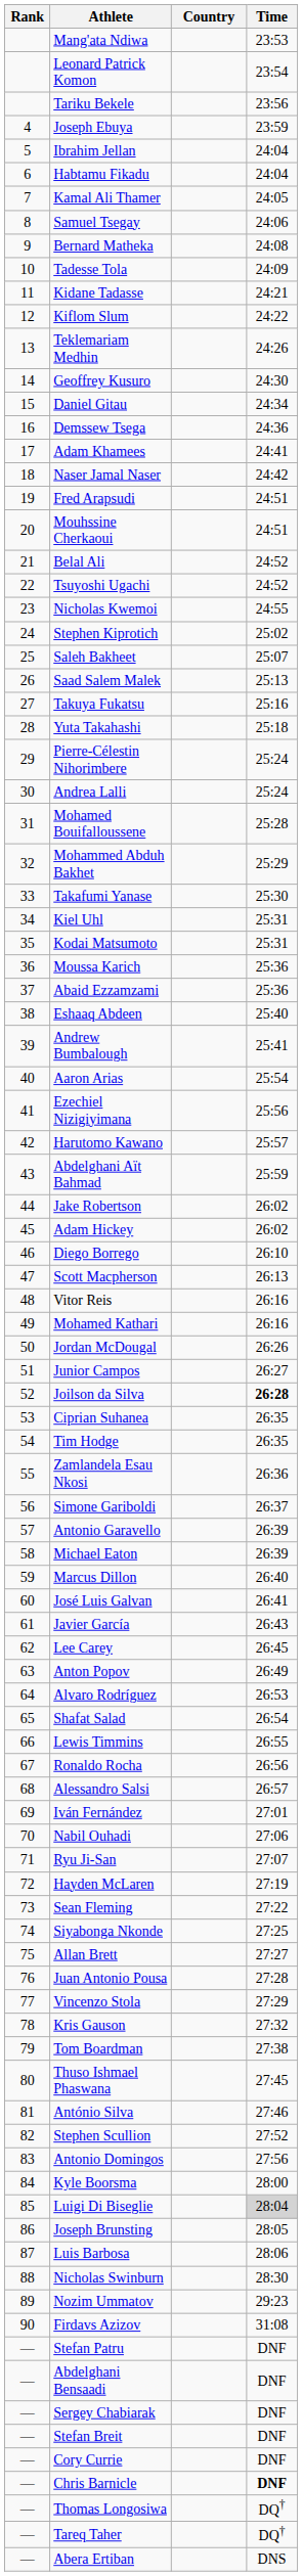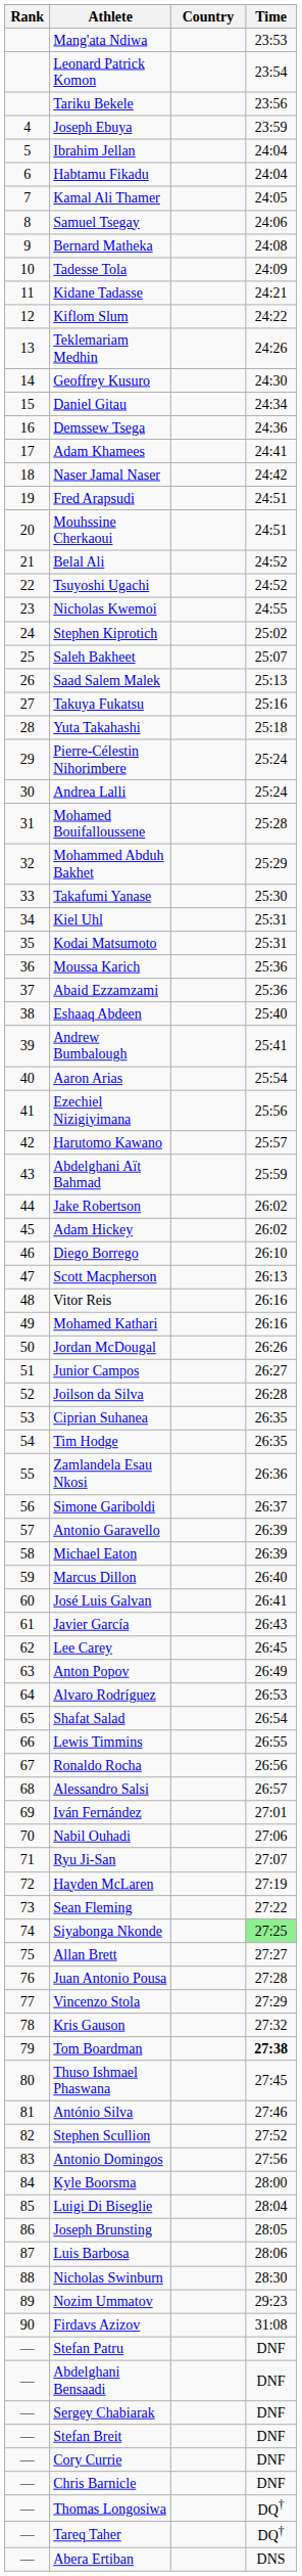 <table class="wikitable sortable" style=" text-align:center; font-size:95%;" width="50%">
 <tr>
 <th width=5%>Rank</th>
 <th width=20%>Athlete</th>
 <th width=15%>Country</th>
 <th width=10%>Time</th>
 </tr>
 <tr>
 <td align=center></td>
 <td align=left><a href='#'>Mang'ata Ndiwa</a></td>
 <td align=left></td>
 <td>23:53</td>
 </tr>
 <tr>
 <td align=center></td>
 <td align=left><a href='#'>Leonard Patrick Komon</a></td>
 <td align=left></td>
 <td>23:54</td>
 </tr>
 <tr>
 <td align=center></td>
 <td align=left><a href='#'>Tariku Bekele</a></td>
 <td align=left></td>
 <td>23:56</td>
 </tr>
 <tr>
 <td align=center>4</td>
 <td align=left><a href='#'>Joseph Ebuya</a></td>
 <td align=left></td>
 <td>23:59</td>
 </tr>
 <tr>
 <td align=center>5</td>
 <td align=left><a href='#'>Ibrahim Jellan</a></td>
 <td align=left></td>
 <td>24:04</td>
 </tr>
 <tr>
 <td align=center>6</td>
 <td align=left><a href='#'>Habtamu Fikadu</a></td>
 <td align=left></td>
 <td>24:04</td>
 </tr>
 <tr>
 <td align=center>7</td>
 <td align=left><a href='#'>Kamal Ali Thamer</a></td>
 <td align=left></td>
 <td>24:05</td>
 </tr>
 <tr>
 <td align=center>8</td>
 <td align=left><a href='#'>Samuel Tsegay</a></td>
 <td align=left></td>
 <td>24:06</td>
 </tr>
 <tr>
 <td align=center>9</td>
 <td align=left><a href='#'>Bernard Matheka</a></td>
 <td align=left></td>
 <td>24:08</td>
 </tr>
 <tr>
 <td align=center>10</td>
 <td align=left><a href='#'>Tadesse Tola</a></td>
 <td align=left></td>
 <td>24:09</td>
 </tr>
 <tr>
 <td align=center>11</td>
 <td align=left><a href='#'>Kidane Tadasse</a></td>
 <td align=left></td>
 <td>24:21</td>
 </tr>
 <tr>
 <td align=center>12</td>
 <td align=left><a href='#'>Kiflom Slum</a></td>
 <td align=left></td>
 <td>24:22</td>
 </tr>
 <tr>
 <td align=center>13</td>
 <td align=left><a href='#'>Teklemariam Medhin</a></td>
 <td align=left></td>
 <td>24:26</td>
 </tr>
 <tr>
 <td align=center>14</td>
 <td align=left><a href='#'>Geoffrey Kusuro</a></td>
 <td align=left></td>
 <td>24:30</td>
 </tr>
 <tr>
 <td align=center>15</td>
 <td align=left><a href='#'>Daniel Gitau</a></td>
 <td align=left></td>
 <td>24:34</td>
 </tr>
 <tr>
 <td align=center>16</td>
 <td align=left><a href='#'>Demssew Tsega</a></td>
 <td align=left></td>
 <td>24:36</td>
 </tr>
 <tr>
 <td align=center>17</td>
 <td align=left><a href='#'>Adam Khamees</a></td>
 <td align=left></td>
 <td>24:41</td>
 </tr>
 <tr>
 <td align=center>18</td>
 <td align=left><a href='#'>Naser Jamal Naser</a></td>
 <td align=left></td>
 <td>24:42</td>
 </tr>
 <tr>
 <td align=center>19</td>
 <td align=left><a href='#'>Fred Arapsudi</a></td>
 <td align=left></td>
 <td>24:51</td>
 </tr>
 <tr>
 <td align=center>20</td>
 <td align=left><a href='#'>Mouhssine Cherkaoui</a></td>
 <td align=left></td>
 <td>24:51</td>
 </tr>
 <tr>
 <td align=center>21</td>
 <td align=left><a href='#'>Belal Ali</a></td>
 <td align=left></td>
 <td>24:52</td>
 </tr>
 <tr>
 <td align=center>22</td>
 <td align=left><a href='#'>Tsuyoshi Ugachi</a></td>
 <td align=left></td>
 <td>24:52</td>
 </tr>
 <tr>
 <td align=center>23</td>
 <td align=left><a href='#'>Nicholas Kwemoi</a></td>
 <td align=left></td>
 <td>24:55</td>
 </tr>
 <tr>
 <td align=center>24</td>
 <td align=left><a href='#'>Stephen Kiprotich</a></td>
 <td align=left></td>
 <td>25:02</td>
 </tr>
 <tr>
 <td align=center>25</td>
 <td align=left><a href='#'>Saleh Bakheet</a></td>
 <td align=left></td>
 <td>25:07</td>
 </tr>
 <tr>
 <td align=center>26</td>
 <td align=left><a href='#'>Saad Salem Malek</a></td>
 <td align=left></td>
 <td>25:13</td>
 </tr>
 <tr>
 <td align=center>27</td>
 <td align=left><a href='#'>Takuya Fukatsu</a></td>
 <td align=left></td>
 <td>25:16</td>
 </tr>
 <tr>
 <td align=center>28</td>
 <td align=left><a href='#'>Yuta Takahashi</a></td>
 <td align=left></td>
 <td>25:18</td>
 </tr>
 <tr>
 <td align=center>29</td>
 <td align=left><a href='#'>Pierre-Célestin Nihorimbere</a></td>
 <td align=left></td>
 <td>25:24</td>
 </tr>
 <tr>
 <td align=center>30</td>
 <td align=left><a href='#'>Andrea Lalli</a></td>
 <td align=left></td>
 <td>25:24</td>
 </tr>
 <tr>
 <td align=center>31</td>
 <td align=left><a href='#'>Mohamed Bouifalloussene</a></td>
 <td align=left></td>
 <td>25:28</td>
 </tr>
 <tr>
 <td align=center>32</td>
 <td align=left><a href='#'>Mohammed Abduh Bakhet</a></td>
 <td align=left></td>
 <td>25:29</td>
 </tr>
 <tr>
 <td align=center>33</td>
 <td align=left><a href='#'>Takafumi Yanase</a></td>
 <td align=left></td>
 <td>25:30</td>
 </tr>
 <tr>
 <td align=center>34</td>
 <td align=left><a href='#'>Kiel Uhl</a></td>
 <td align=left></td>
 <td>25:31</td>
 </tr>
 <tr>
 <td align=center>35</td>
 <td align=left><a href='#'>Kodai Matsumoto</a></td>
 <td align=left></td>
 <td>25:31</td>
 </tr>
 <tr>
 <td align=center>36</td>
 <td align=left><a href='#'>Moussa Karich</a></td>
 <td align=left></td>
 <td>25:36</td>
 </tr>
 <tr>
 <td align=center>37</td>
 <td align=left><a href='#'>Abaid Ezzamzami</a></td>
 <td align=left></td>
 <td>25:36</td>
 </tr>
 <tr>
 <td align=center>38</td>
 <td align=left><a href='#'>Eshaaq Abdeen</a></td>
 <td align=left></td>
 <td>25:40</td>
 </tr>
 <tr>
 <td align=center>39</td>
 <td align=left><a href='#'>Andrew Bumbalough</a></td>
 <td align=left></td>
 <td>25:41</td>
 </tr>
 <tr>
 <td align=center>40</td>
 <td align=left><a href='#'>Aaron Arias</a></td>
 <td align=left></td>
 <td>25:54</td>
 </tr>
 <tr>
 <td align=center>41</td>
 <td align=left><a href='#'>Ezechiel Nizigiyimana</a></td>
 <td align=left></td>
 <td>25:56</td>
 </tr>
 <tr>
 <td align=center>42</td>
 <td align=left><a href='#'>Harutomo Kawano</a></td>
 <td align=left></td>
 <td>25:57</td>
 </tr>
 <tr>
 <td align=center>43</td>
 <td align=left><a href='#'>Abdelghani Aït Bahmad</a></td>
 <td align=left></td>
 <td>25:59</td>
 </tr>
 <tr>
 <td align=center>44</td>
 <td align=left><a href='#'>Jake Robertson</a></td>
 <td align=left></td>
 <td>26:02</td>
 </tr>
 <tr>
 <td align=center>45</td>
 <td align=left><a href='#'>Adam Hickey</a></td>
 <td align=left></td>
 <td>26:02</td>
 </tr>
 <tr>
 <td align=center>46</td>
 <td align=left><a href='#'>Diego Borrego</a></td>
 <td align=left></td>
 <td>26:10</td>
 </tr>
 <tr>
 <td align=center>47</td>
 <td align=left><a href='#'>Scott Macpherson</a></td>
 <td align=left></td>
 <td>26:13</td>
 </tr>
 <tr>
 <td align=center>48</td>
 <td align=left>Vitor Reis</td>
 <td align=left></td>
 <td>26:16</td>
 </tr>
 <tr>
 <td align=center>49</td>
 <td align=left><a href='#'>Mohamed Kathari</a></td>
 <td align=left></td>
 <td>26:16</td>
 </tr>
 <tr>
 <td align=center>50</td>
 <td align=left><a href='#'>Jordan McDougal</a></td>
 <td align=left></td>
 <td>26:26</td>
 </tr>
 <tr>
 <td align=center>51</td>
 <td align=left><a href='#'>Junior Campos</a></td>
 <td align=left></td>
 <td>26:27</td>
 </tr>
 <tr>
 <td align=center>52</td>
 <td align=left><a href='#'>Joilson da Silva</a></td>
 <td align=left></td>
-<td><strong>26:28</strong></td>
+<td>26:28</td>
 </tr>
 <tr>
 <td align=center>53</td>
 <td align=left><a href='#'>Ciprian Suhanea</a></td>
 <td align=left></td>
 <td>26:35</td>
 </tr>
 <tr>
 <td align=center>54</td>
 <td align=left><a href='#'>Tim Hodge</a></td>
 <td align=left></td>
 <td>26:35</td>
 </tr>
 <tr>
 <td align=center>55</td>
 <td align=left><a href='#'>Zamlandela Esau Nkosi</a></td>
 <td align=left></td>
 <td>26:36</td>
 </tr>
 <tr>
 <td align=center>56</td>
 <td align=left><a href='#'>Simone Gariboldi</a></td>
 <td align=left></td>
 <td>26:37</td>
 </tr>
 <tr>
 <td align=center>57</td>
 <td align=left><a href='#'>Antonio Garavello</a></td>
 <td align=left></td>
 <td>26:39</td>
 </tr>
 <tr>
 <td align=center>58</td>
 <td align=left><a href='#'>Michael Eaton</a></td>
 <td align=left></td>
 <td>26:39</td>
 </tr>
 <tr>
 <td align=center>59</td>
 <td align=left><a href='#'>Marcus Dillon</a></td>
 <td align=left></td>
 <td>26:40</td>
 </tr>
 <tr>
 <td align=center>60</td>
 <td align=left><a href='#'>José Luis Galvan</a></td>
 <td align=left></td>
 <td>26:41</td>
 </tr>
 <tr>
 <td align=center>61</td>
 <td align=left><a href='#'>Javier García</a></td>
 <td align=left></td>
 <td>26:43</td>
 </tr>
 <tr>
 <td align=center>62</td>
 <td align=left><a href='#'>Lee Carey</a></td>
 <td align=left></td>
 <td>26:45</td>
 </tr>
 <tr>
 <td align=center>63</td>
 <td align=left><a href='#'>Anton Popov</a></td>
 <td align=left></td>
 <td>26:49</td>
 </tr>
 <tr>
 <td align=center>64</td>
 <td align=left><a href='#'>Alvaro Rodríguez</a></td>
 <td align=left></td>
 <td>26:53</td>
 </tr>
 <tr>
 <td align=center>65</td>
 <td align=left><a href='#'>Shafat Salad</a></td>
 <td align=left></td>
 <td>26:54</td>
 </tr>
 <tr>
 <td align=center>66</td>
 <td align=left><a href='#'>Lewis Timmins</a></td>
 <td align=left></td>
 <td>26:55</td>
 </tr>
 <tr>
 <td align=center>67</td>
 <td align=left><a href='#'>Ronaldo Rocha</a></td>
 <td align=left></td>
 <td>26:56</td>
 </tr>
 <tr>
 <td align=center>68</td>
 <td align=left><a href='#'>Alessandro Salsi</a></td>
 <td align=left></td>
 <td>26:57</td>
 </tr>
 <tr>
 <td align=center>69</td>
 <td align=left><a href='#'>Iván Fernández</a></td>
 <td align=left></td>
 <td>27:01</td>
 </tr>
 <tr>
 <td align=center>70</td>
 <td align=left><a href='#'>Nabil Ouhadi</a></td>
 <td align=left></td>
 <td>27:06</td>
 </tr>
 <tr>
 <td align=center>71</td>
 <td align=left><a href='#'>Ryu Ji-San</a></td>
 <td align=left></td>
 <td>27:07</td>
 </tr>
 <tr>
 <td align=center>72</td>
 <td align=left><a href='#'>Hayden McLaren</a></td>
 <td align=left></td>
 <td>27:19</td>
 </tr>
 <tr>
 <td align=center>73</td>
 <td align=left><a href='#'>Sean Fleming</a></td>
 <td align=left></td>
 <td>27:22</td>
 </tr>
 <tr>
 <td align=center>74</td>
 <td align=left><a href='#'>Siyabonga Nkonde</a></td>
 <td align=left></td>
-<td>27:25</td>
+<td style="background: lightgreen;">27:25</td>
 </tr>
 <tr>
 <td align=center>75</td>
 <td align=left><a href='#'>Allan Brett</a></td>
 <td align=left></td>
 <td>27:27</td>
 </tr>
 <tr>
 <td align=center>76</td>
 <td align=left><a href='#'>Juan Antonio Pousa</a></td>
 <td align=left></td>
 <td>27:28</td>
 </tr>
 <tr>
 <td align=center>77</td>
 <td align=left><a href='#'>Vincenzo Stola</a></td>
 <td align=left></td>
 <td>27:29</td>
 </tr>
 <tr>
 <td align=center>78</td>
 <td align=left><a href='#'>Kris Gauson</a></td>
 <td align=left></td>
 <td>27:32</td>
 </tr>
 <tr>
 <td align=center>79</td>
 <td align=left><a href='#'>Tom Boardman</a></td>
 <td align=left></td>
-<td>27:38</td>
+<td><strong>27:38</strong></td>
 </tr>
 <tr>
 <td align=center>80</td>
 <td align=left><a href='#'>Thuso Ishmael Phaswana</a></td>
 <td align=left></td>
 <td>27:45</td>
 </tr>
 <tr>
 <td align=center>81</td>
 <td align=left><a href='#'>António Silva</a></td>
 <td align=left></td>
 <td>27:46</td>
 </tr>
 <tr>
 <td align=center>82</td>
 <td align=left><a href='#'>Stephen Scullion</a></td>
 <td align=left></td>
 <td>27:52</td>
 </tr>
 <tr>
 <td align=center>83</td>
 <td align=left><a href='#'>Antonio Domingos</a></td>
 <td align=left></td>
 <td>27:56</td>
 </tr>
 <tr>
 <td align=center>84</td>
 <td align=left><a href='#'>Kyle Boorsma</a></td>
 <td align=left></td>
 <td>28:00</td>
 </tr>
 <tr>
 <td align=center>85</td>
 <td align=left><a href='#'>Luigi Di Biseglie</a></td>
 <td align=left></td>
-<td style="background: lightgrey;">28:04</td>
+<td>28:04</td>
 </tr>
 <tr>
 <td align=center>86</td>
 <td align=left><a href='#'>Joseph Brunsting</a></td>
 <td align=left></td>
 <td>28:05</td>
 </tr>
 <tr>
 <td align=center>87</td>
 <td align=left><a href='#'>Luis Barbosa</a></td>
 <td align=left></td>
 <td>28:06</td>
 </tr>
 <tr>
 <td align=center>88</td>
 <td align=left><a href='#'>Nicholas Swinburn</a></td>
 <td align=left></td>
 <td>28:30</td>
 </tr>
 <tr>
 <td align=center>89</td>
 <td align=left><a href='#'>Nozim Ummatov</a></td>
 <td align=left></td>
 <td>29:23</td>
 </tr>
 <tr>
 <td align=center>90</td>
 <td align=left><a href='#'>Firdavs Azizov</a></td>
 <td align=left></td>
 <td>31:08</td>
 </tr>
 <tr>
 <td align=center>—</td>
 <td align=left><a href='#'>Stefan Patru</a></td>
 <td align=left></td>
 <td>DNF</td>
 </tr>
 <tr>
 <td align=center>—</td>
 <td align=left><a href='#'>Abdelghani Bensaadi</a></td>
 <td align=left></td>
 <td>DNF</td>
 </tr>
 <tr>
 <td align=center>—</td>
 <td align=left><a href='#'>Sergey Chabiarak</a></td>
 <td align=left></td>
 <td>DNF</td>
 </tr>
 <tr>
 <td align=center>—</td>
 <td align=left><a href='#'>Stefan Breit</a></td>
 <td align=left></td>
 <td>DNF</td>
 </tr>
 <tr>
 <td align=center>—</td>
 <td align=left><a href='#'>Cory Currie</a></td>
 <td align=left></td>
 <td>DNF</td>
 </tr>
 <tr>
 <td align=center>—</td>
 <td align=left><a href='#'>Chris Barnicle</a></td>
 <td align=left></td>
-<td><strong>DNF</strong></td>
+<td>DNF</td>
 </tr>
 <tr>
 <td align=center>—</td>
 <td align=left><a href='#'>Thomas Longosiwa</a></td>
 <td align=left></td>
 <td>DQ<sup>†</sup></td>
 </tr>
 <tr>
 <td align=center>—</td>
 <td align=left><a href='#'>Tareq Taher</a></td>
 <td align=left></td>
 <td>DQ<sup>†</sup></td>
 </tr>
 <tr>
 <td align=center>—</td>
 <td align=left><a href='#'>Abera Ertiban</a></td>
 <td align=left></td>
 <td>DNS</td>
 </tr>
 </table>
